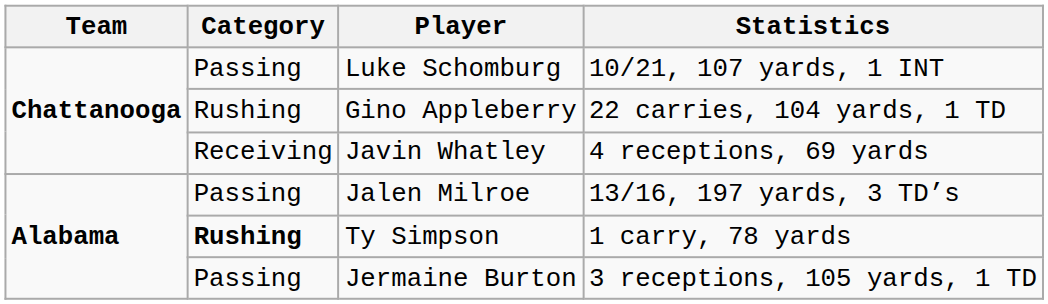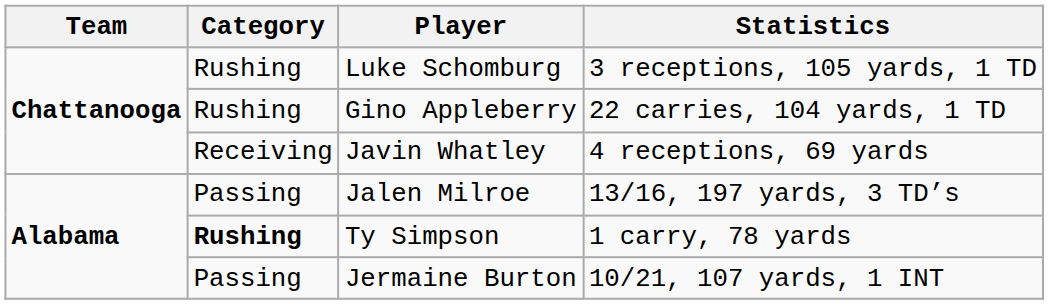 <table class="wikitable" style="float: right;">
 <tr>
 <th>Team</th>
 <th>Category</th>
 <th>Player</th>
 <th>Statistics</th>
 </tr>
 <tr>
 <td rowspan=3><strong>Chattanooga</strong></td>
-<td>Passing</td>
+<td>Rushing</td>
 <td>Luke Schomburg</td>
-<td>10/21, 107 yards, 1 INT</td>
+<td>3 receptions, 105 yards, 1 TD</td>
 </tr>
 <tr>
 <td>Rushing</td>
 <td>Gino Appleberry</td>
 <td>22 carries, 104 yards, 1 TD</td>
 </tr>
 <tr>
 <td>Receiving</td>
 <td>Javin Whatley</td>
 <td>4 receptions, 69 yards</td>
 </tr>
 <tr>
 <td rowspan=3><strong>Alabama</strong></td>
 <td>Passing</td>
 <td>Jalen Milroe</td>
 <td>13/16, 197 yards, 3 TD’s</td>
 </tr>
 <tr>
 <td><strong>Rushing</strong></td>
 <td>Ty Simpson</td>
 <td>1 carry, 78 yards</td>
 </tr>
 <tr>
 <td>Passing</td>
 <td>Jermaine Burton</td>
-<td>3 receptions, 105 yards, 1 TD</td>
+<td>10/21, 107 yards, 1 INT</td>
 </tr>
 </table>
